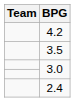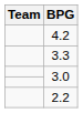 <table class=wikitable>
 <tr>
 <th>Team</th>
 <th>BPG</th>
 </tr>
 <tr>
 <td></td>
 <td align=center>4.2</td>
 </tr>
 <tr>
 <td></td>
-<td align=center>3.5</td>
+<td align=center>3.3</td>
 </tr>
 <tr>
 <td></td>
 <td align=center rowspan=2>3.0</td>
 </tr>
 <tr>
 <td></td>
 </tr>
 <tr>
 <td></td>
-<td align=center>2.4</td>
+<td align=center>2.2</td>
 </tr>
 </table>
